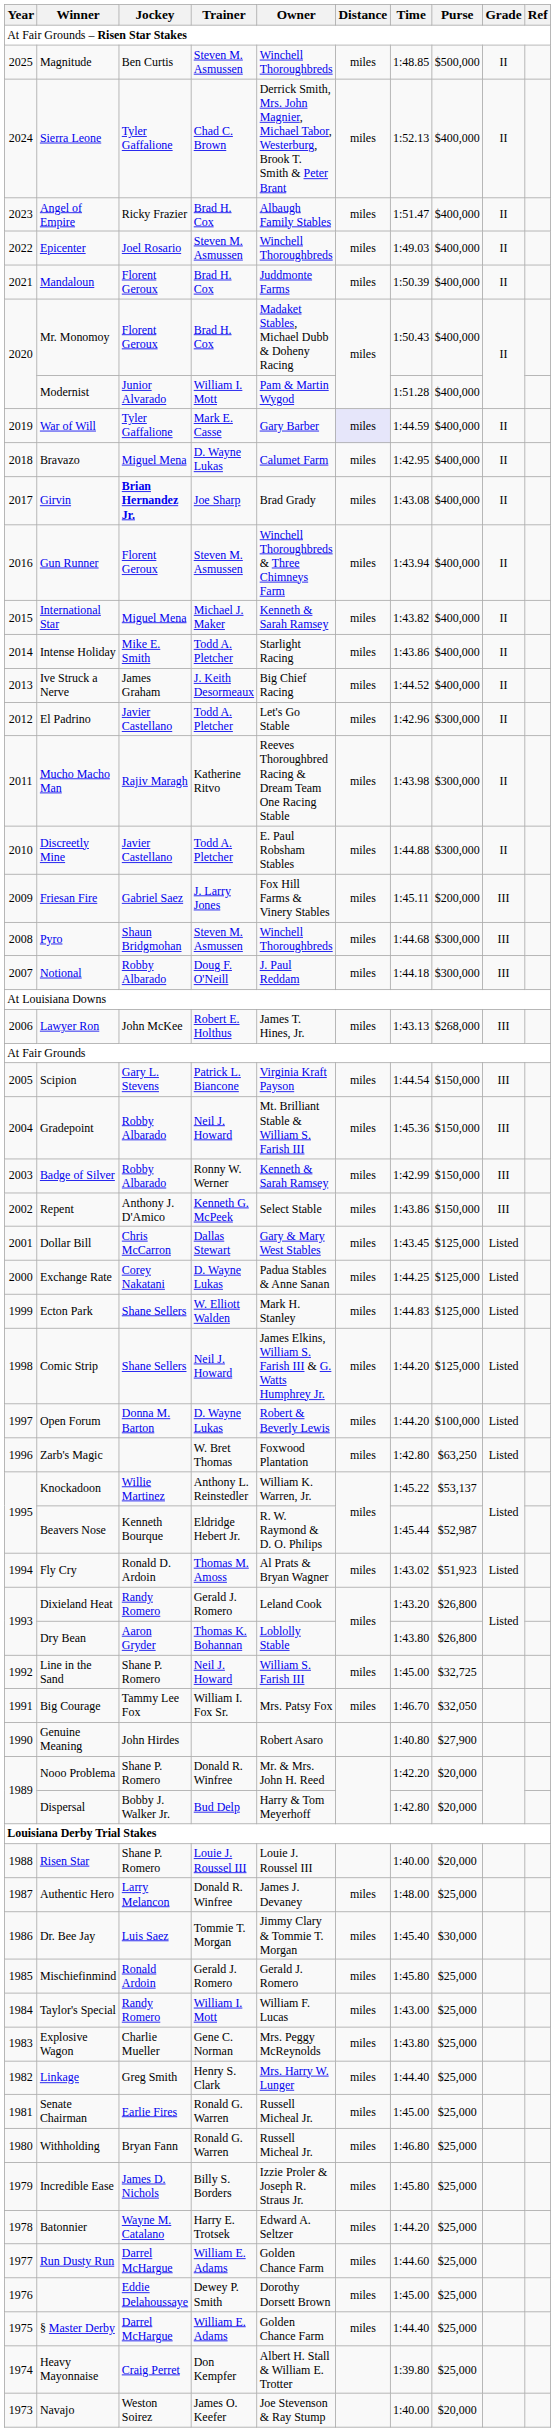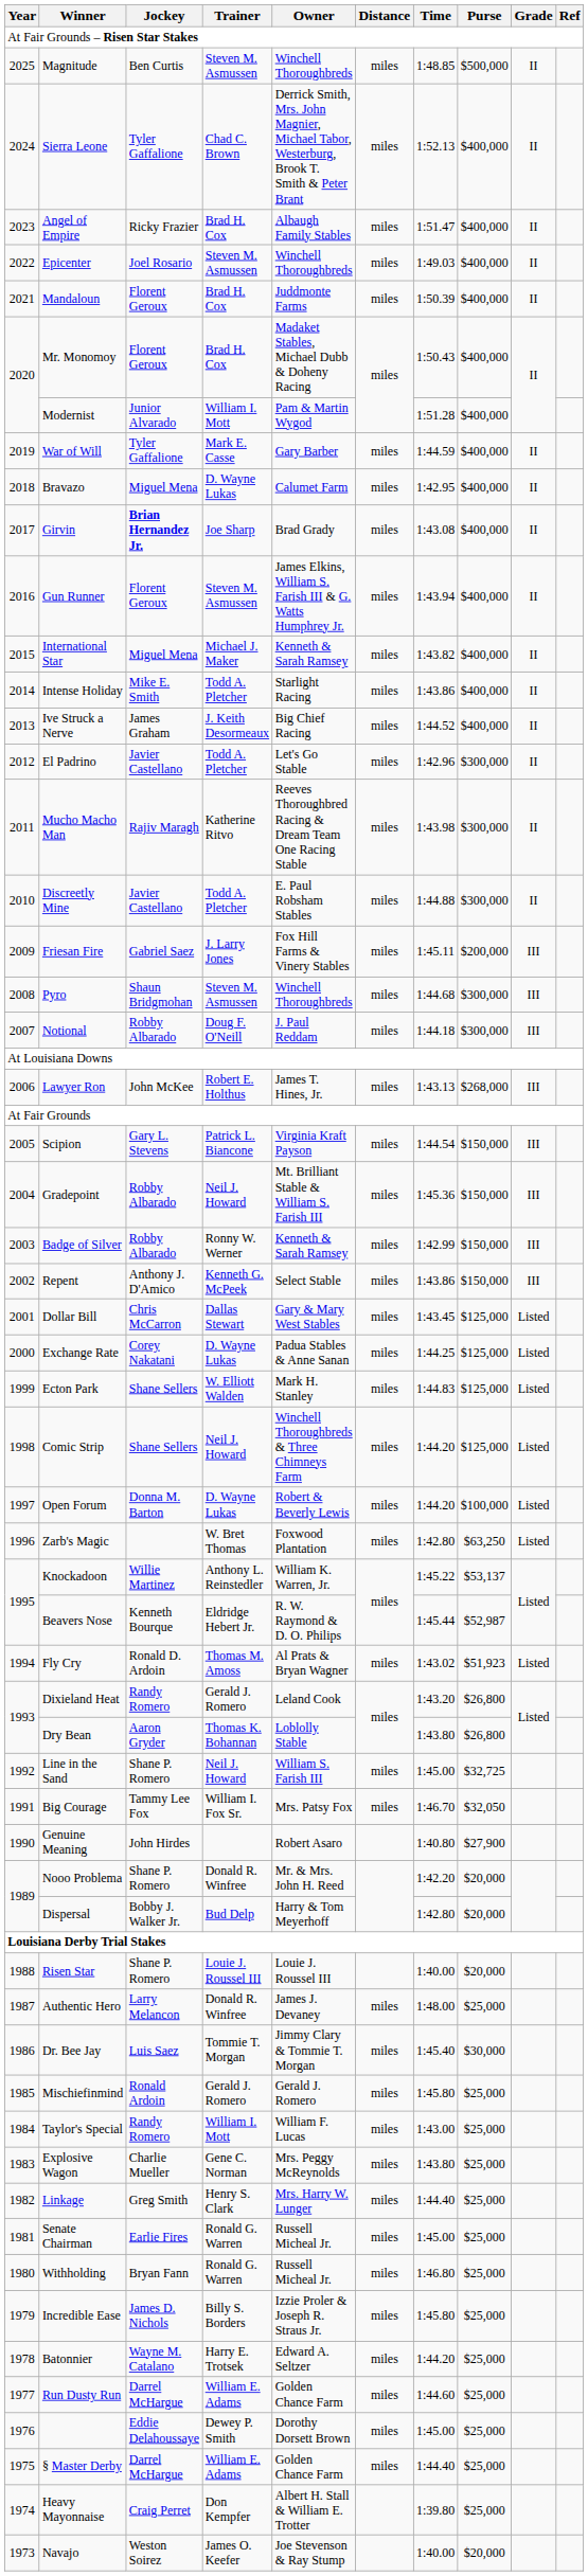 <table class="wikitable sortable">
 <tr>
 <th>Year</th>
 <th>Winner</th>
 <th>Jockey</th>
 <th>Trainer</th>
 <th>Owner</th>
 <th>Distance</th>
 <th>Time</th>
 <th>Purse</th>
 <th>Grade</th>
 <th>Ref</th>
 </tr>
 <tr style="font-size:90%; background-color:white">
 <td align="left" colspan=11>At Fair Grounds – <strong>Risen Star Stakes</strong></td>
 </tr>
 <tr style="font-size:90%;">
 <td align=center>2025</td>
 <td>Magnitude</td>
 <td>Ben Curtis</td>
 <td><a href='#'>Steven M. Asmussen</a></td>
 <td><a href='#'>Winchell Thoroughbreds</a></td>
 <td align=center> miles</td>
 <td align=center>1:48.85</td>
 <td align=center>$500,000</td>
 <td align=center>II</td>
 <td></td>
 </tr>
 <tr style="font-size:90%;">
 <td align=center>2024</td>
 <td><a href='#'>Sierra Leone</a></td>
 <td><a href='#'>Tyler Gaffalione</a></td>
 <td><a href='#'>Chad C. Brown</a></td>
 <td>Derrick Smith, <a href='#'>Mrs. John Magnier</a>,  <a href='#'>Michael Tabor</a>, <a href='#'>Westerburg</a>, Brook T. Smith & <a href='#'>Peter Brant</a></td>
 <td align=center> miles</td>
 <td align=center>1:52.13</td>
 <td align=center>$400,000</td>
 <td align=center>II</td>
 <td></td>
 </tr>
 <tr style="font-size:90%;">
 <td align=center>2023</td>
 <td><a href='#'>Angel of Empire</a></td>
 <td>Ricky Frazier</td>
 <td><a href='#'>Brad H. Cox</a></td>
 <td><a href='#'>Albaugh Family Stables</a></td>
 <td align=center> miles</td>
 <td align=center>1:51.47</td>
 <td align=center>$400,000</td>
 <td align=center>II</td>
 <td></td>
 </tr>
 <tr style="font-size:90%;">
 <td align=center>2022</td>
 <td><a href='#'>Epicenter</a></td>
 <td><a href='#'>Joel Rosario</a></td>
 <td><a href='#'>Steven M. Asmussen</a></td>
 <td><a href='#'>Winchell Thoroughbreds</a></td>
 <td align=center> miles</td>
 <td align=center>1:49.03</td>
 <td align=center>$400,000</td>
 <td align=center>II</td>
 <td></td>
 </tr>
 <tr style="font-size:90%;">
 <td align=center>2021</td>
 <td><a href='#'>Mandaloun</a></td>
 <td><a href='#'>Florent Geroux</a></td>
 <td><a href='#'>Brad H. Cox</a></td>
 <td><a href='#'>Juddmonte Farms</a></td>
 <td align=center> miles</td>
 <td align=center>1:50.39</td>
 <td align=center>$400,000</td>
 <td align=center>II</td>
 <td></td>
 </tr>
 <tr style="font-size:90%;">
 <td align=center rowspan=2>2020</td>
 <td>Mr. Monomoy</td>
 <td><a href='#'>Florent Geroux</a></td>
 <td><a href='#'>Brad H. Cox</a></td>
 <td><a href='#'>Madaket Stables</a>, Michael Dubb & Doheny Racing</td>
 <td align=center rowspan=2> miles</td>
 <td align=center>1:50.43</td>
 <td align=center>$400,000</td>
 <td align=center rowspan=2>II</td>
 <td></td>
 </tr>
 <tr style="font-size:90%;">
 <td>Modernist</td>
 <td><a href='#'>Junior Alvarado</a></td>
 <td><a href='#'>William I. Mott</a></td>
 <td><a href='#'>Pam & Martin Wygod</a></td>
 <td align=center>1:51.28</td>
 <td align=center>$400,000</td>
 <td></td>
 </tr>
 <tr style="font-size:90%;">
 <td align=center>2019</td>
 <td><a href='#'>War of Will</a></td>
 <td><a href='#'>Tyler Gaffalione</a></td>
 <td><a href='#'>Mark E. Casse</a></td>
 <td><a href='#'>Gary Barber</a></td>
-<td align=center style="background: lavender;"> miles</td>
+<td align=center> miles</td>
 <td align=center>1:44.59</td>
 <td align=center>$400,000</td>
 <td align=center>II</td>
 <td></td>
 </tr>
 <tr style="font-size:90%;">
 <td align=center>2018</td>
 <td>Bravazo</td>
 <td><a href='#'>Miguel Mena</a></td>
 <td><a href='#'>D. Wayne Lukas</a></td>
 <td><a href='#'>Calumet Farm</a></td>
 <td align=center> miles</td>
 <td align=center>1:42.95</td>
 <td align=center>$400,000</td>
 <td align=center>II</td>
 <td></td>
 </tr>
 <tr style="font-size:90%;">
 <td align=center>2017</td>
 <td><a href='#'>Girvin</a></td>
 <td><strong><a href='#'>Brian Hernandez Jr.</a></strong></td>
 <td><a href='#'>Joe Sharp</a></td>
 <td>Brad Grady</td>
 <td align=center> miles</td>
 <td align=center>1:43.08</td>
 <td align=center>$400,000</td>
 <td align=center>II</td>
 <td></td>
 </tr>
 <tr style="font-size:90%;">
 <td align=center>2016</td>
 <td><a href='#'>Gun Runner</a></td>
 <td><a href='#'>Florent Geroux</a></td>
 <td><a href='#'>Steven M. Asmussen</a></td>
-<td><a href='#'>Winchell Thoroughbreds</a> & <a href='#'>Three Chimneys Farm</a></td>
+<td>James Elkins, <a href='#'>William S. Farish III</a> & <a href='#'>G. Watts Humphrey Jr.</a></td>
 <td align=center> miles</td>
 <td align=center>1:43.94</td>
 <td align=center>$400,000</td>
 <td align=center>II</td>
 <td></td>
 </tr>
 <tr style="font-size:90%;">
 <td align=center>2015</td>
 <td><a href='#'>International Star</a></td>
 <td><a href='#'>Miguel Mena</a></td>
 <td><a href='#'>Michael J. Maker</a></td>
 <td><a href='#'>Kenneth & Sarah Ramsey</a></td>
 <td align=center> miles</td>
 <td align=center>1:43.82</td>
 <td align=center>$400,000</td>
 <td align=center>II</td>
 <td></td>
 </tr>
 <tr style="font-size:90%;">
 <td align=center>2014</td>
 <td>Intense Holiday</td>
 <td><a href='#'>Mike E. Smith</a></td>
 <td><a href='#'>Todd A. Pletcher</a></td>
 <td>Starlight Racing</td>
 <td align=center> miles</td>
 <td align=center>1:43.86</td>
 <td align=center>$400,000</td>
 <td align=center>II</td>
 <td></td>
 </tr>
 <tr style="font-size:90%;">
 <td align=center>2013</td>
 <td>Ive Struck a Nerve</td>
 <td>James Graham</td>
 <td><a href='#'>J. Keith Desormeaux</a></td>
 <td>Big Chief Racing</td>
 <td align=center> miles</td>
 <td align=center>1:44.52</td>
 <td align=center>$400,000</td>
 <td align=center>II</td>
 <td></td>
 </tr>
 <tr style="font-size:90%;">
 <td align=center>2012</td>
 <td>El Padrino</td>
 <td><a href='#'>Javier Castellano</a></td>
 <td><a href='#'>Todd A. Pletcher</a></td>
 <td>Let's Go Stable</td>
 <td align=center> miles</td>
 <td align=center>1:42.96</td>
 <td align=center>$300,000</td>
 <td align=center>II</td>
 <td></td>
 </tr>
 <tr style="font-size:90%;">
 <td align=center>2011</td>
 <td><a href='#'>Mucho Macho Man</a></td>
 <td><a href='#'>Rajiv Maragh</a></td>
 <td>Katherine Ritvo</td>
 <td>Reeves Thoroughbred Racing & Dream Team One Racing Stable</td>
 <td align=center> miles</td>
 <td align=center>1:43.98</td>
 <td align=center>$300,000</td>
 <td align=center>II</td>
 <td></td>
 </tr>
 <tr style="font-size:90%;">
 <td align=center>2010</td>
 <td><a href='#'>Discreetly Mine</a></td>
 <td><a href='#'>Javier Castellano</a></td>
 <td><a href='#'>Todd A. Pletcher</a></td>
 <td>E. Paul Robsham Stables</td>
 <td align=center> miles</td>
 <td align=center>1:44.88</td>
 <td align=center>$300,000</td>
 <td align=center>II</td>
 <td></td>
 </tr>
 <tr style="font-size:90%;">
 <td align=center>2009</td>
 <td><a href='#'>Friesan Fire</a></td>
 <td><a href='#'>Gabriel Saez</a></td>
 <td><a href='#'>J. Larry Jones</a></td>
 <td>Fox Hill Farms  &  Vinery Stables</td>
 <td align=center> miles</td>
 <td align=center>1:45.11</td>
 <td align=center>$200,000</td>
 <td align=center>III</td>
 <td></td>
 </tr>
 <tr style="font-size:90%;">
 <td align=center>2008</td>
 <td><a href='#'>Pyro</a></td>
 <td><a href='#'>Shaun Bridgmohan</a></td>
 <td><a href='#'>Steven M. Asmussen</a></td>
 <td><a href='#'>Winchell Thoroughbreds</a></td>
 <td align=center> miles</td>
 <td align=center>1:44.68</td>
 <td align=center>$300,000</td>
 <td align=center>III</td>
 <td></td>
 </tr>
 <tr style="font-size:90%;">
 <td align=center>2007</td>
 <td><a href='#'>Notional</a></td>
 <td><a href='#'>Robby Albarado</a></td>
 <td><a href='#'>Doug F. O'Neill</a></td>
 <td><a href='#'>J. Paul Reddam</a></td>
 <td align=center> miles</td>
 <td align=center>1:44.18</td>
 <td align=center>$300,000</td>
 <td align=center>III</td>
 <td></td>
 </tr>
 <tr style="font-size:90%; background-color:white">
 <td align="left" colspan=11>At Louisiana Downs</td>
 </tr>
 <tr style="font-size:90%;">
 <td align=center>2006</td>
 <td><a href='#'>Lawyer Ron</a></td>
 <td>John McKee</td>
 <td><a href='#'>Robert E. Holthus</a></td>
 <td>James T. Hines, Jr.</td>
 <td align=center> miles</td>
 <td align=center>1:43.13</td>
 <td align=center>$268,000</td>
 <td align=center>III</td>
 <td></td>
 </tr>
 <tr style="font-size:90%; background-color:white">
 <td align="left" colspan=11>At Fair Grounds</td>
 </tr>
 <tr style="font-size:90%;">
 <td align=center>2005</td>
 <td>Scipion</td>
 <td><a href='#'>Gary L. Stevens</a></td>
 <td><a href='#'>Patrick L. Biancone</a></td>
 <td><a href='#'>Virginia Kraft Payson</a></td>
 <td align=center> miles</td>
 <td align=center>1:44.54</td>
 <td align=center>$150,000</td>
 <td align=center>III</td>
 <td></td>
 </tr>
 <tr style="font-size:90%;">
 <td align=center>2004</td>
 <td>Gradepoint</td>
 <td><a href='#'>Robby Albarado</a></td>
 <td><a href='#'>Neil J. Howard</a></td>
 <td>Mt. Brilliant Stable & <a href='#'>William S. Farish III</a></td>
 <td align=center> miles</td>
 <td align=center>1:45.36</td>
 <td align=center>$150,000</td>
 <td align=center>III</td>
 <td></td>
 </tr>
 <tr style="font-size:90%;">
 <td align=center>2003</td>
 <td><a href='#'>Badge of Silver</a></td>
 <td><a href='#'>Robby Albarado</a></td>
 <td>Ronny W. Werner</td>
 <td><a href='#'>Kenneth & Sarah Ramsey</a></td>
 <td align=center> miles</td>
 <td align=center>1:42.99</td>
 <td align=center>$150,000</td>
 <td align=center>III</td>
 <td></td>
 </tr>
 <tr style="font-size:90%;">
 <td align=center>2002</td>
 <td>Repent</td>
 <td>Anthony J. D'Amico</td>
 <td><a href='#'>Kenneth G. McPeek</a></td>
 <td>Select Stable</td>
 <td align=center> miles</td>
 <td align=center>1:43.86</td>
 <td align=center>$150,000</td>
 <td align=center>III</td>
 <td></td>
 </tr>
 <tr style="font-size:90%;">
 <td align=center>2001</td>
 <td>Dollar Bill</td>
 <td><a href='#'>Chris McCarron</a></td>
 <td><a href='#'>Dallas Stewart</a></td>
 <td><a href='#'>Gary & Mary West Stables</a></td>
 <td align=center> miles</td>
 <td align=center>1:43.45</td>
 <td align=center>$125,000</td>
 <td align=center>Listed</td>
 <td></td>
 </tr>
 <tr style="font-size:90%;">
 <td align=center>2000</td>
 <td>Exchange Rate</td>
 <td><a href='#'>Corey Nakatani</a></td>
 <td><a href='#'>D. Wayne Lukas</a></td>
 <td>Padua Stables & Anne Sanan</td>
 <td align=center> miles</td>
 <td align=center>1:44.25</td>
 <td align=center>$125,000</td>
 <td align=center>Listed</td>
 <td></td>
 </tr>
 <tr style="font-size:90%;">
 <td align=center>1999</td>
 <td>Ecton Park</td>
 <td><a href='#'>Shane Sellers</a></td>
 <td><a href='#'>W. Elliott Walden</a></td>
 <td>Mark H. Stanley</td>
 <td align=center> miles</td>
 <td align=center>1:44.83</td>
 <td align=center>$125,000</td>
 <td align=center>Listed</td>
 <td></td>
 </tr>
 <tr style="font-size:90%;">
 <td align=center>1998</td>
 <td>Comic Strip</td>
 <td><a href='#'>Shane Sellers</a></td>
 <td><a href='#'>Neil J. Howard</a></td>
-<td>James Elkins, <a href='#'>William S. Farish III</a> & <a href='#'>G. Watts Humphrey Jr.</a></td>
+<td><a href='#'>Winchell Thoroughbreds</a> & <a href='#'>Three Chimneys Farm</a></td>
 <td align=center> miles</td>
 <td align=center>1:44.20</td>
 <td align=center>$125,000</td>
 <td align=center>Listed</td>
 <td></td>
 </tr>
 <tr style="font-size:90%;">
 <td align=center>1997</td>
 <td>Open Forum</td>
 <td><a href='#'>Donna M. Barton</a></td>
 <td><a href='#'>D. Wayne Lukas</a></td>
 <td><a href='#'>Robert & Beverly Lewis</a></td>
 <td align=center> miles</td>
 <td align=center>1:44.20</td>
 <td align=center>$100,000</td>
 <td align=center>Listed</td>
 <td></td>
 </tr>
 <tr style="font-size:90%;">
 <td align=center>1996</td>
 <td>Zarb's Magic</td>
 <td></td>
 <td>W. Bret Thomas</td>
 <td>Foxwood Plantation</td>
 <td align=center> miles</td>
 <td align=center>1:42.80</td>
 <td align=center>$63,250</td>
 <td align=center>Listed</td>
 <td></td>
 </tr>
 <tr style="font-size:90%;">
 <td align=center rowspan=2>1995</td>
 <td>Knockadoon</td>
 <td><a href='#'>Willie Martinez</a></td>
 <td>Anthony L. Reinstedler</td>
 <td>William K. Warren, Jr.</td>
 <td align=center rowspan=2> miles</td>
 <td align=center>1:45.22</td>
 <td align=center>$53,137</td>
 <td align=center rowspan=2>Listed</td>
 <td></td>
 </tr>
 <tr style="font-size:90%;">
 <td>Beavers Nose</td>
 <td>Kenneth Bourque</td>
 <td>Eldridge Hebert Jr.</td>
 <td>R. W. Raymond & D. O. Philips</td>
 <td align=center>1:45.44</td>
 <td align=center>$52,987</td>
 <td></td>
 </tr>
 <tr style="font-size:90%;">
 <td align=center>1994</td>
 <td>Fly Cry</td>
 <td>Ronald D. Ardoin</td>
 <td><a href='#'>Thomas M. Amoss</a></td>
 <td>Al Prats & Bryan Wagner</td>
 <td align=center> miles</td>
 <td align=center>1:43.02</td>
 <td align=center>$51,923</td>
 <td align=center>Listed</td>
 <td></td>
 </tr>
 <tr style="font-size:90%;">
 <td align=center rowspan=2>1993</td>
 <td>Dixieland Heat</td>
 <td><a href='#'>Randy Romero</a></td>
 <td>Gerald J. Romero</td>
 <td>Leland Cook</td>
 <td align=center rowspan=2> miles</td>
 <td align=center>1:43.20</td>
 <td align=center>$26,800</td>
 <td align=center rowspan=2>Listed</td>
 <td></td>
 </tr>
 <tr style="font-size:90%;">
 <td>Dry Bean</td>
 <td><a href='#'>Aaron Gryder</a></td>
 <td><a href='#'>Thomas K. Bohannan</a></td>
 <td><a href='#'>Loblolly Stable</a></td>
 <td align=center>1:43.80</td>
 <td align=center>$26,800</td>
 <td></td>
 </tr>
 <tr style="font-size:90%;">
 <td align=center>1992</td>
 <td>Line in the Sand</td>
 <td>Shane P. Romero</td>
 <td><a href='#'>Neil J. Howard</a></td>
 <td><a href='#'>William S. Farish III</a></td>
 <td align=center> miles</td>
 <td align=center>1:45.00</td>
 <td align=center>$32,725</td>
 <td align=center></td>
 <td></td>
 </tr>
 <tr style="font-size:90%;">
 <td align=center>1991</td>
 <td>Big Courage</td>
 <td>Tammy Lee Fox</td>
 <td>William I. Fox Sr.</td>
 <td>Mrs. Patsy Fox</td>
 <td align=center> miles</td>
 <td align=center>1:46.70</td>
 <td align=center>$32,050</td>
 <td align=center></td>
 <td></td>
 </tr>
 <tr style="font-size:90%;">
 <td align=center>1990</td>
 <td>Genuine Meaning</td>
 <td>John Hirdes</td>
 <td></td>
 <td>Robert Asaro</td>
 <td align=center></td>
 <td align=center>1:40.80</td>
 <td align=center>$27,900</td>
 <td align=center></td>
 <td></td>
 </tr>
 <tr style="font-size:90%;">
 <td align=center rowspan=2>1989</td>
 <td>Nooo Problema</td>
 <td>Shane P. Romero</td>
 <td>Donald R. Winfree</td>
 <td>Mr. & Mrs. John H. Reed</td>
 <td align=center rowspan=2></td>
 <td align=center>1:42.20</td>
 <td align=center>$20,000</td>
 <td align=center rowspan=2></td>
 <td></td>
 </tr>
 <tr style="font-size:90%;">
 <td>Dispersal</td>
 <td>Bobby J. Walker Jr.</td>
 <td><a href='#'>Bud Delp</a></td>
 <td>Harry & Tom Meyerhoff</td>
 <td align=center>1:42.80</td>
 <td align=center>$20,000</td>
 <td></td>
 </tr>
 <tr style="font-size:90%; background-color:white">
 <td align="left" colspan=10><strong>Louisiana Derby Trial Stakes</strong></td>
 </tr>
 <tr style="font-size:90%;">
 <td align=center>1988</td>
 <td><a href='#'>Risen Star</a></td>
 <td>Shane P. Romero</td>
 <td><a href='#'>Louie J. Roussel III</a></td>
 <td>Louie J. Roussel III</td>
 <td align=center></td>
 <td align=center>1:40.00</td>
 <td align=center>$20,000</td>
 <td align=center></td>
 <td></td>
 </tr>
 <tr style="font-size:90%;">
 <td align=center>1987</td>
 <td>Authentic Hero</td>
 <td><a href='#'>Larry Melancon</a></td>
 <td>Donald R. Winfree</td>
 <td>James J. Devaney</td>
 <td align=center> miles</td>
 <td align=center>1:48.00</td>
 <td align=center>$25,000</td>
 <td align=center></td>
 <td></td>
 </tr>
 <tr style="font-size:90%;">
 <td align=center>1986</td>
 <td>Dr. Bee Jay</td>
 <td><a href='#'>Luis Saez</a></td>
 <td>Tommie T. Morgan</td>
 <td>Jimmy Clary & Tommie T. Morgan</td>
 <td align=center> miles</td>
 <td align=center>1:45.40</td>
 <td align=center>$30,000</td>
 <td align=center></td>
 <td></td>
 </tr>
 <tr style="font-size:90%;">
 <td align=center>1985</td>
 <td>Mischiefinmind</td>
 <td><a href='#'>Ronald Ardoin</a></td>
 <td>Gerald J. Romero</td>
 <td>Gerald J. Romero</td>
 <td align=center> miles</td>
 <td align=center>1:45.80</td>
 <td align=center>$25,000</td>
 <td align=center></td>
 <td></td>
 </tr>
 <tr style="font-size:90%;">
 <td align=center>1984</td>
 <td>Taylor's Special</td>
 <td><a href='#'>Randy Romero</a></td>
 <td><a href='#'>William I. Mott</a></td>
 <td>William F. Lucas</td>
 <td align=center> miles</td>
 <td align=center>1:43.00</td>
 <td align=center>$25,000</td>
 <td align=center></td>
 <td></td>
 </tr>
 <tr style="font-size:90%;">
 <td align=center>1983</td>
 <td>Explosive Wagon</td>
 <td>Charlie Mueller</td>
 <td>Gene C. Norman</td>
 <td>Mrs. Peggy McReynolds</td>
 <td align=center> miles</td>
 <td align=center>1:43.80</td>
 <td align=center>$25,000</td>
 <td align=center></td>
 <td></td>
 </tr>
 <tr style="font-size:90%;">
 <td align=center>1982</td>
 <td><a href='#'>Linkage</a></td>
 <td>Greg Smith</td>
 <td>Henry S. Clark</td>
 <td><a href='#'>Mrs. Harry W. Lunger</a></td>
 <td align=center> miles</td>
 <td align=center>1:44.40</td>
 <td align=center>$25,000</td>
 <td align=center></td>
 <td></td>
 </tr>
 <tr style="font-size:90%;">
 <td align=center>1981</td>
 <td>Senate Chairman</td>
 <td><a href='#'>Earlie Fires</a></td>
 <td>Ronald G. Warren</td>
 <td>Russell Micheal Jr.</td>
 <td align=center> miles</td>
 <td align=center>1:45.00</td>
 <td align=center>$25,000</td>
 <td align=center></td>
 <td></td>
 </tr>
 <tr style="font-size:90%;">
 <td align=center>1980</td>
 <td>Withholding</td>
 <td>Bryan Fann</td>
 <td>Ronald G. Warren</td>
 <td>Russell Micheal Jr.</td>
 <td align=center> miles</td>
 <td align=center>1:46.80</td>
 <td align=center>$25,000</td>
 <td align=center></td>
 <td></td>
 </tr>
 <tr style="font-size:90%;">
 <td align=center>1979</td>
 <td>Incredible Ease</td>
 <td><a href='#'>James D. Nichols</a></td>
 <td>Billy S. Borders</td>
 <td>Izzie Proler & Joseph R. Straus Jr.</td>
 <td align=center> miles</td>
 <td align=center>1:45.80</td>
 <td align=center>$25,000</td>
 <td align=center></td>
 <td></td>
 </tr>
 <tr style="font-size:90%;">
 <td align=center>1978</td>
 <td>Batonnier</td>
 <td><a href='#'>Wayne M. Catalano</a></td>
 <td>Harry E. Trotsek</td>
 <td>Edward A. Seltzer</td>
 <td align=center> miles</td>
 <td align=center>1:44.20</td>
 <td align=center>$25,000</td>
 <td align=center></td>
 <td></td>
 </tr>
 <tr style="font-size:90%;">
 <td align=center>1977</td>
 <td><a href='#'>Run Dusty Run</a></td>
 <td><a href='#'>Darrel McHargue</a></td>
 <td><a href='#'>William E. Adams</a></td>
 <td>Golden Chance Farm</td>
 <td align=center> miles</td>
 <td align=center>1:44.60</td>
 <td align=center>$25,000</td>
 <td align=center></td>
 <td></td>
 </tr>
 <tr style="font-size:90%;">
 <td align=center>1976</td>
 <td></td>
 <td><a href='#'>Eddie Delahoussaye</a></td>
 <td>Dewey P. Smith</td>
 <td>Dorothy Dorsett Brown</td>
 <td align=center> miles</td>
 <td align=center>1:45.00</td>
 <td align=center>$25,000</td>
 <td align=center></td>
 <td></td>
 </tr>
 <tr style="font-size:90%;">
 <td align=center>1975</td>
 <td>§ <a href='#'>Master Derby</a></td>
 <td><a href='#'>Darrel McHargue</a></td>
 <td><a href='#'>William E. Adams</a></td>
 <td>Golden Chance Farm</td>
 <td align=center> miles</td>
 <td align=center>1:44.40</td>
 <td align=center>$25,000</td>
 <td align=center></td>
 <td></td>
 </tr>
 <tr style="font-size:90%;">
 <td align=center>1974</td>
 <td>Heavy Mayonnaise</td>
 <td><a href='#'>Craig Perret</a></td>
 <td>Don Kempfer</td>
 <td>Albert H. Stall & William E. Trotter</td>
 <td align=center></td>
 <td align=center>1:39.80</td>
 <td align=center>$25,000</td>
 <td align=center></td>
 <td></td>
 </tr>
 <tr style="font-size:90%;">
 <td align=center>1973</td>
 <td>Navajo</td>
 <td>Weston Soirez</td>
 <td>James O. Keefer</td>
 <td>Joe Stevenson & Ray Stump</td>
 <td align=center></td>
 <td align=center>1:40.00</td>
 <td align=center>$20,000</td>
 <td align=center></td>
 <td></td>
 </tr>
 </table>
